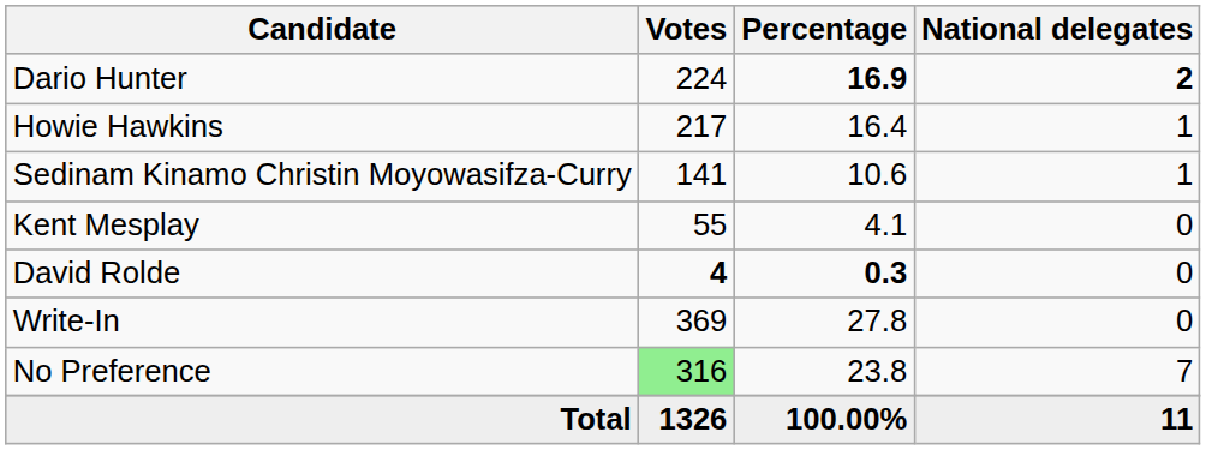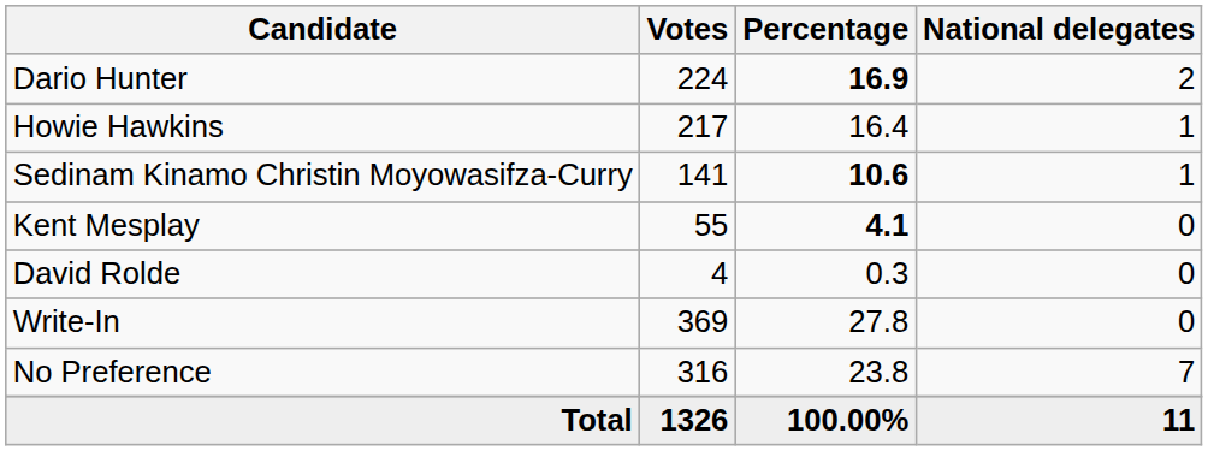 <table class="wikitable sortable" style="text-align:right;">
 <tr>
 <th>Candidate</th>
 <th>Votes</th>
 <th>Percentage</th>
 <th>National delegates</th>
 </tr>
 <tr>
 <td style="text-align:left;">Dario Hunter</td>
 <td>224</td>
 <td><strong>16.9</strong></td>
-<td><strong>2</strong></td>
+<td>2</td>
 </tr>
 <tr>
 <td style="text-align:left;">Howie Hawkins</td>
 <td>217</td>
 <td>16.4</td>
 <td>1</td>
 </tr>
 <tr>
 <td style="text-align:left;">Sedinam Kinamo Christin Moyowasifza-Curry</td>
 <td>141</td>
-<td>10.6</td>
+<td><strong>10.6</strong></td>
 <td>1</td>
 </tr>
 <tr>
 <td style="text-align:left;">Kent Mesplay</td>
 <td>55</td>
-<td>4.1</td>
+<td><strong>4.1</strong></td>
 <td>0</td>
 </tr>
 <tr>
 <td style="text-align:left;">David Rolde</td>
-<td><strong>4</strong></td>
-<td><strong>0.3</strong></td>
+<td>4</td>
+<td>0.3</td>
 <td>0</td>
 </tr>
 <tr>
 <td style="text-align:left;">Write-In</td>
 <td>369</td>
 <td>27.8</td>
 <td>0</td>
 </tr>
 <tr>
 <td style="text-align:left;">No Preference</td>
-<td style="background: lightgreen;">316</td>
+<td>316</td>
 <td>23.8</td>
 <td>7</td>
 </tr>
 <tr>
 </tr>
 <tr style="background:#eee;">
 <td style="margin-right:0.50px"><strong>Total</strong></td>
 <td style="margin-right:0.50px"><strong>1326</strong></td>
 <td style="margin-right:0.50px"><strong>100.00%</strong></td>
 <td style="margin-right:0.50px"><strong>11</strong></td>
 </tr>
 </table>
